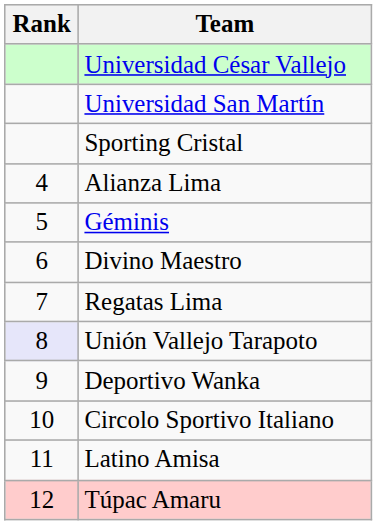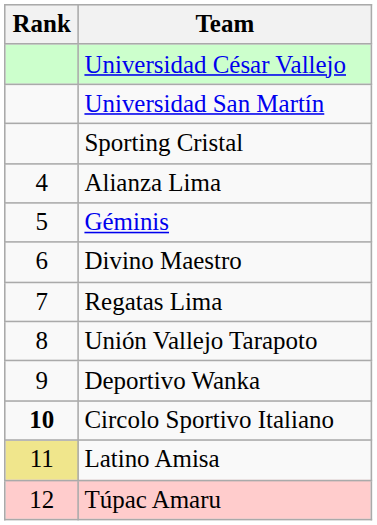 <table class="wikitable" style="text-align: center;">
 <tr>
 <th width=40>Rank</th>
 <th width=180>Team</th>
 </tr>
 <tr bgcolor=#ccffcc align=center>
 <td></td>
 <td style="text-align:left;"><a href='#'>Universidad César Vallejo</a></td>
 </tr>
 <tr align=center>
 <td></td>
 <td style="text-align:left;"><a href='#'>Universidad San Martín</a></td>
 </tr>
 <tr align=center>
 <td></td>
 <td style="text-align:left;">Sporting Cristal</td>
 </tr>
 <tr align=center>
 <td>4</td>
 <td style="text-align:left;">Alianza Lima</td>
 </tr>
 <tr align=center>
 <td>5</td>
 <td style="text-align:left;"><a href='#'>Géminis</a></td>
 </tr>
 <tr align=center>
 <td>6</td>
 <td style="text-align:left;">Divino Maestro</td>
 </tr>
 <tr align=center>
 <td>7</td>
 <td style="text-align:left;">Regatas Lima</td>
 </tr>
 <tr align=center>
-<td style="background: lavender;">8</td>
+<td>8</td>
 <td style="text-align:left;">Unión Vallejo Tarapoto</td>
 </tr>
 <tr align=center>
 <td>9</td>
 <td style="text-align:left;">Deportivo Wanka</td>
 </tr>
 <tr align=center>
-<td>10</td>
+<td><strong>10</strong></td>
 <td style="text-align:left;">Circolo Sportivo Italiano</td>
 </tr>
 <tr align=center>
-<td>11</td>
+<td style="background: khaki;">11</td>
 <td style="text-align:left;">Latino Amisa</td>
 </tr>
 <tr bgcolor=#ffcccc align=center>
 <td>12</td>
 <td style="text-align:left;">Túpac Amaru</td>
 </tr>
 </table>
